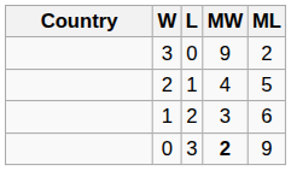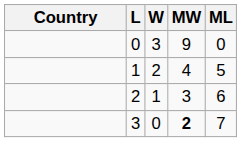 <table class="wikitable sortable" style="text-align:center">
 <tr>
 <th width=110>Country</th>
+<th>L</th>
 <th>W</th>
-<th>L</th>
 <th>MW</th>
 <th>ML</th>
 </tr>
 <tr>
 <td align=left><strong></strong></td>
+<td>0</td>
 <td>3</td>
+<td>9</td>
 <td>0</td>
-<td>9</td>
+</tr>
+<tr>
+<td align=left></td>
+<td>1</td>
 <td>2</td>
+<td>4</td>
+<td>5</td>
 </tr>
 <tr>
 <td align=left></td>
 <td>2</td>
 <td>1</td>
-<td>4</td>
-<td>5</td>
-</tr>
-<tr>
-<td align=left></td>
-<td>1</td>
-<td>2</td>
 <td>3</td>
 <td>6</td>
 </tr>
 <tr>
 <td align=left></td>
+<td>3</td>
 <td>0</td>
-<td>3</td>
 <td><strong>2</strong></td>
-<td>9</td>
+<td>7</td>
 </tr>
 </table>
